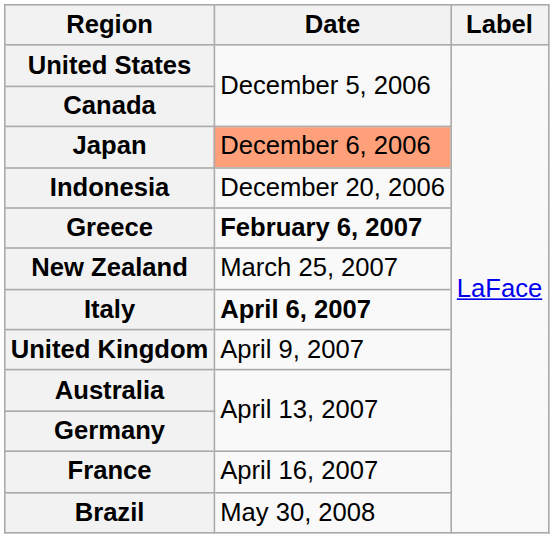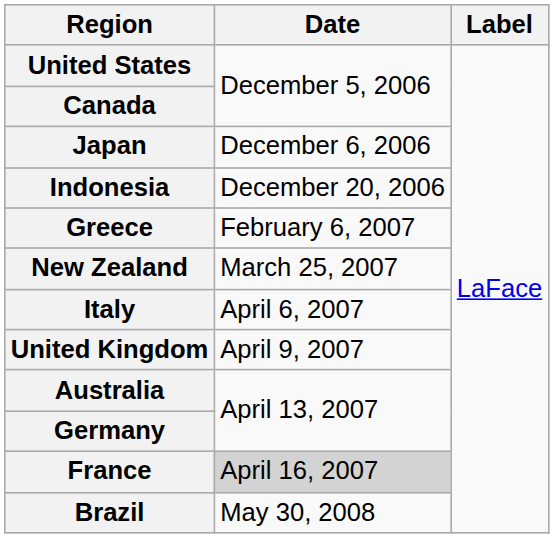 <table class="wikitable plainrowheaders">
 <tr>
 <th>Region</th>
 <th>Date</th>
 <th>Label</th>
 </tr>
 <tr>
 <th scope="row">United States</th>
 <td rowspan="2">December 5, 2006</td>
 <td rowspan="12"><a href='#'>LaFace</a></td>
 </tr>
 <tr>
 <th scope="row">Canada</th>
 </tr>
 <tr>
 <th scope="row">Japan</th>
-<td style="background: lightsalmon;">December 6, 2006</td>
+<td>December 6, 2006</td>
 </tr>
 <tr>
 <th scope="row">Indonesia</th>
 <td>December 20, 2006</td>
 </tr>
 <tr>
 <th scope="row">Greece</th>
-<td><strong>February 6, 2007</strong></td>
+<td>February 6, 2007</td>
 </tr>
 <tr>
 <th scope="row">New Zealand</th>
 <td>March 25, 2007</td>
 </tr>
 <tr>
 <th scope="row">Italy</th>
-<td><strong>April 6, 2007</strong></td>
+<td>April 6, 2007</td>
 </tr>
 <tr>
 <th scope="row">United Kingdom</th>
 <td>April 9, 2007</td>
 </tr>
 <tr>
 <th scope="row">Australia</th>
 <td rowspan="2">April 13, 2007</td>
 </tr>
 <tr>
 <th scope="row">Germany</th>
 </tr>
 <tr>
 <th scope="row">France</th>
-<td>April 16, 2007</td>
+<td style="background: lightgrey;">April 16, 2007</td>
 </tr>
 <tr>
 <th scope="row">Brazil</th>
 <td>May 30, 2008</td>
 </tr>
 </table>
